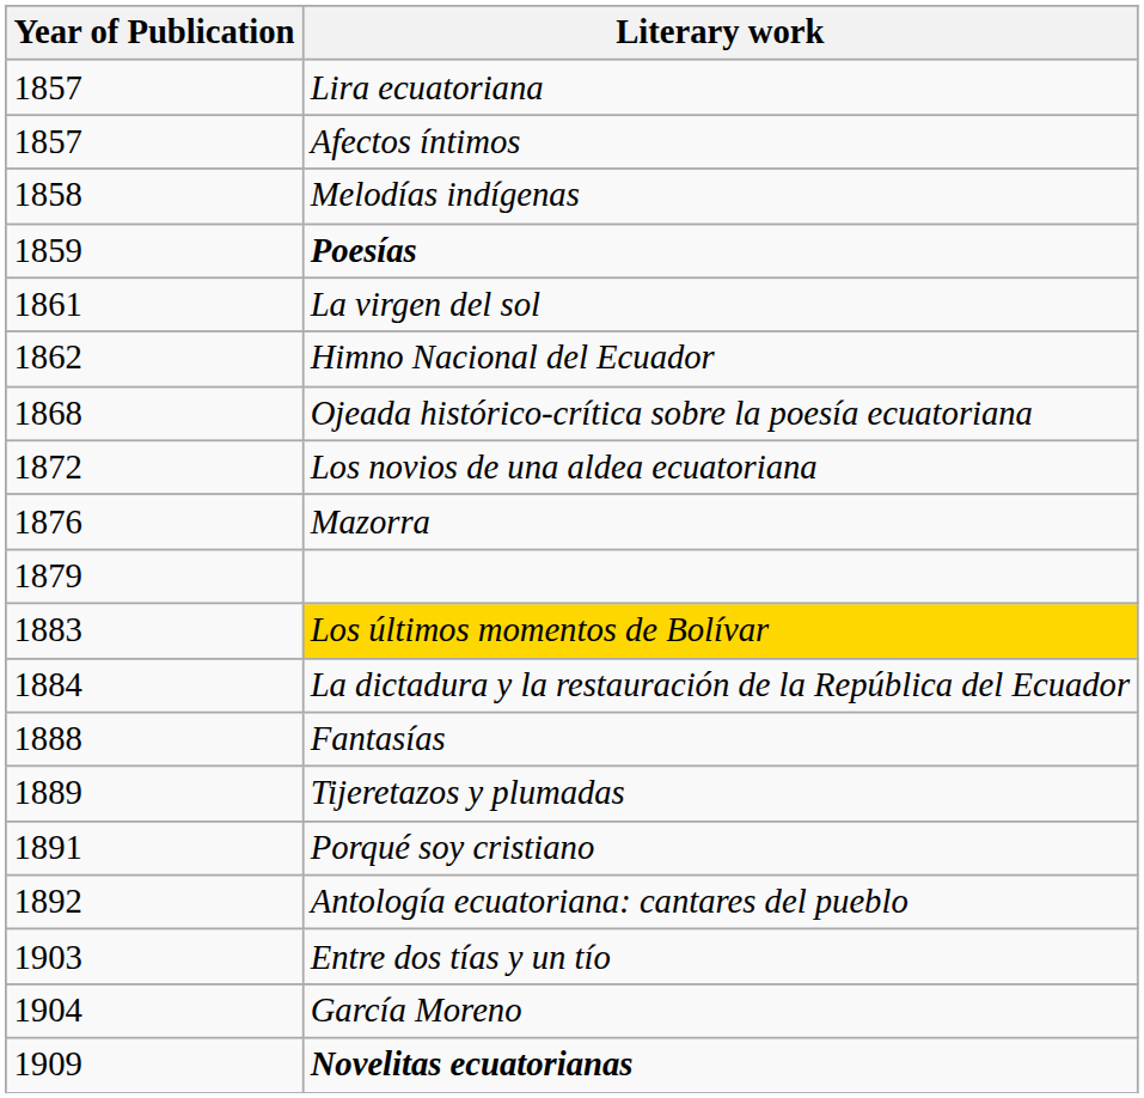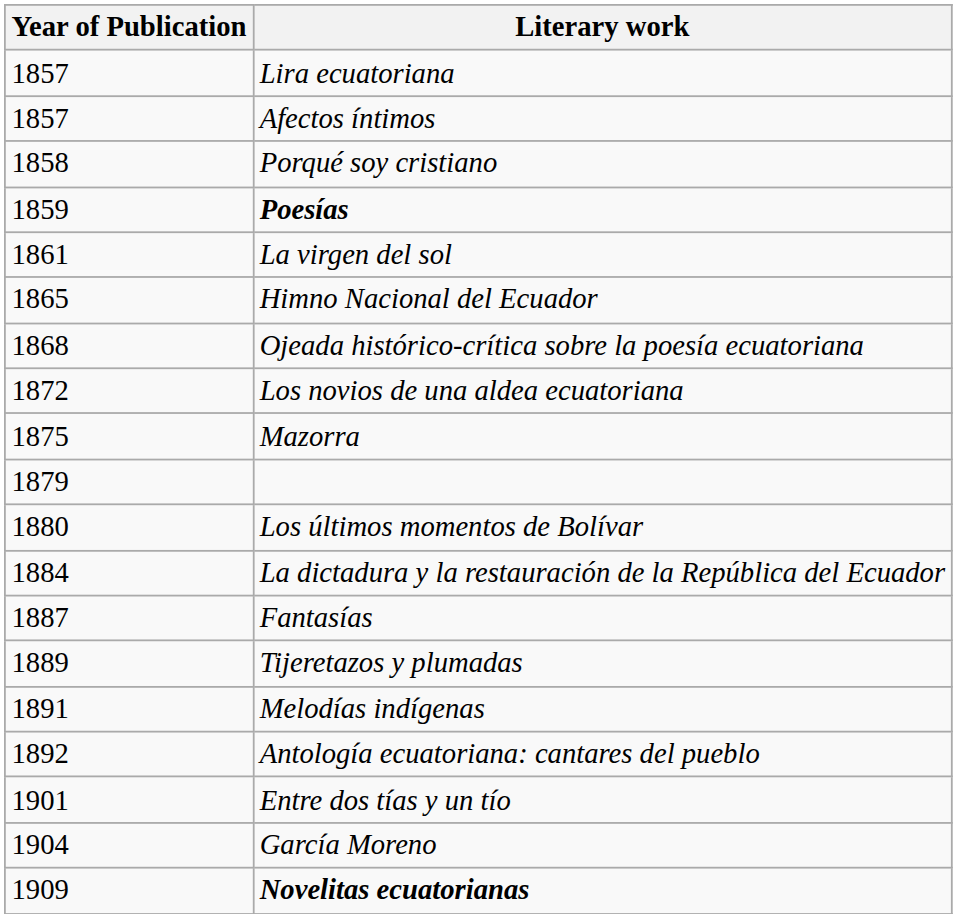 <table class="wikitable">
 <tr>
 <th>Year of Publication</th>
 <th>Literary work</th>
 </tr>
 <tr>
 <td>1857</td>
 <td><em>Lira ecuatoriana</em></td>
 </tr>
 <tr>
 <td>1857</td>
 <td><em>Afectos íntimos</em></td>
 </tr>
 <tr>
 <td>1858</td>
-<td><em>Melodías indígenas</em></td>
+<td><em>Porqué soy cristiano</em></td>
 </tr>
 <tr>
 <td>1859</td>
 <td><strong><em>Poesías</em></strong></td>
 </tr>
 <tr>
 <td>1861</td>
 <td><em>La virgen del sol</em></td>
 </tr>
 <tr>
-<td>1862</td>
+<td>1865</td>
 <td><em>Himno Nacional del Ecuador</em></td>
 </tr>
 <tr>
 <td>1868</td>
 <td><em>Ojeada histórico-crítica sobre la poesía ecuatoriana</em></td>
 </tr>
 <tr>
 <td>1872</td>
 <td><em>Los novios de una aldea ecuatoriana</em></td>
 </tr>
 <tr>
-<td>1876</td>
+<td>1875</td>
 <td><em>Mazorra</em></td>
 </tr>
 <tr>
 <td>1879</td>
 <td></td>
 </tr>
 <tr>
-<td>1883</td>
-<td style="background: gold;"><em>Los últimos momentos de Bolívar</em></td>
+<td>1880</td>
+<td><em>Los últimos momentos de Bolívar</em></td>
 </tr>
 <tr>
 <td>1884</td>
 <td><em>La dictadura y la restauración de la República del Ecuador</em></td>
 </tr>
 <tr>
-<td>1888</td>
+<td>1887</td>
 <td><em>Fantasías</em></td>
 </tr>
 <tr>
 <td>1889</td>
 <td><em>Tijeretazos y plumadas</em></td>
 </tr>
 <tr>
 <td>1891</td>
-<td><em>Porqué soy cristiano</em></td>
+<td><em>Melodías indígenas</em></td>
 </tr>
 <tr>
 <td>1892</td>
 <td><em>Antología ecuatoriana: cantares del pueblo</em></td>
 </tr>
 <tr>
-<td>1903</td>
+<td>1901</td>
 <td><em>Entre dos tías y un tío</em></td>
 </tr>
 <tr>
 <td>1904</td>
 <td><em>García Moreno</em></td>
 </tr>
 <tr>
 <td>1909</td>
 <td><strong><em>Novelitas ecuatorianas</em></strong></td>
 </tr>
 <tr>
 </tr>
 </table>
